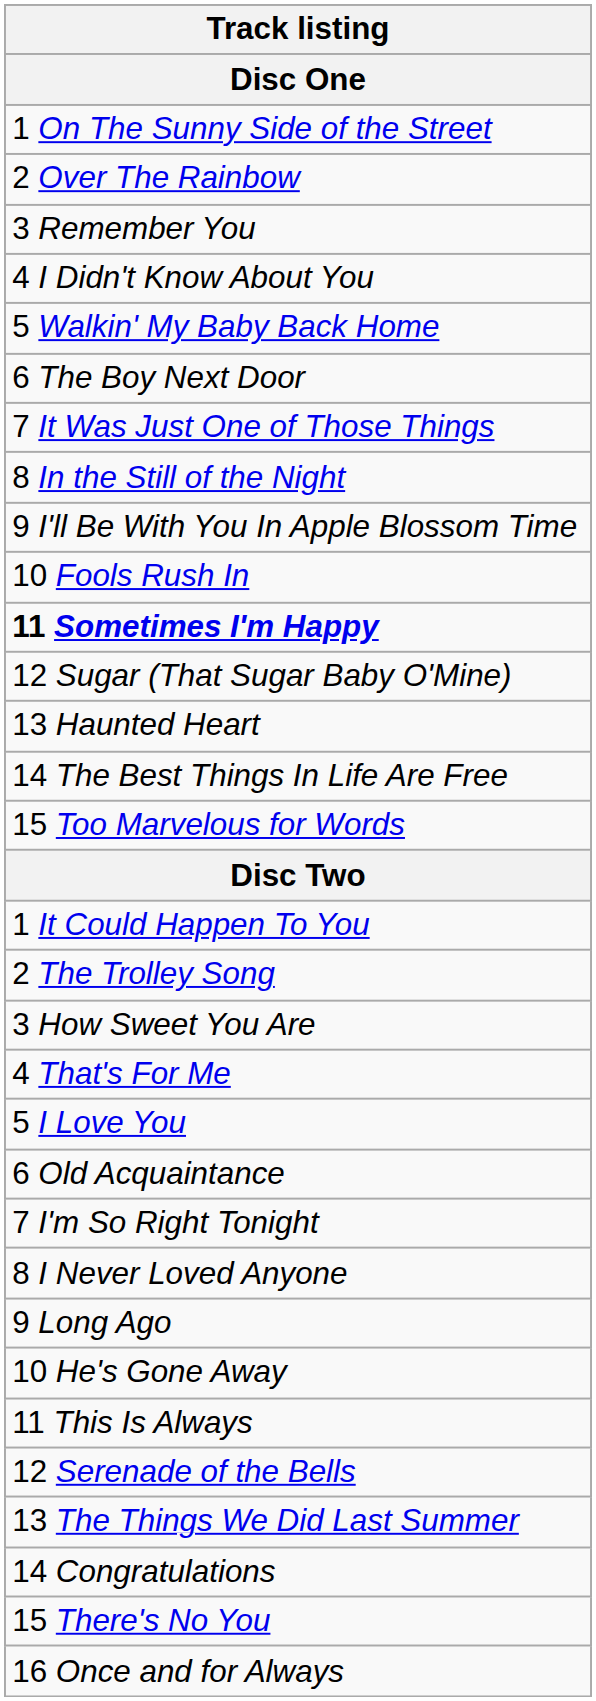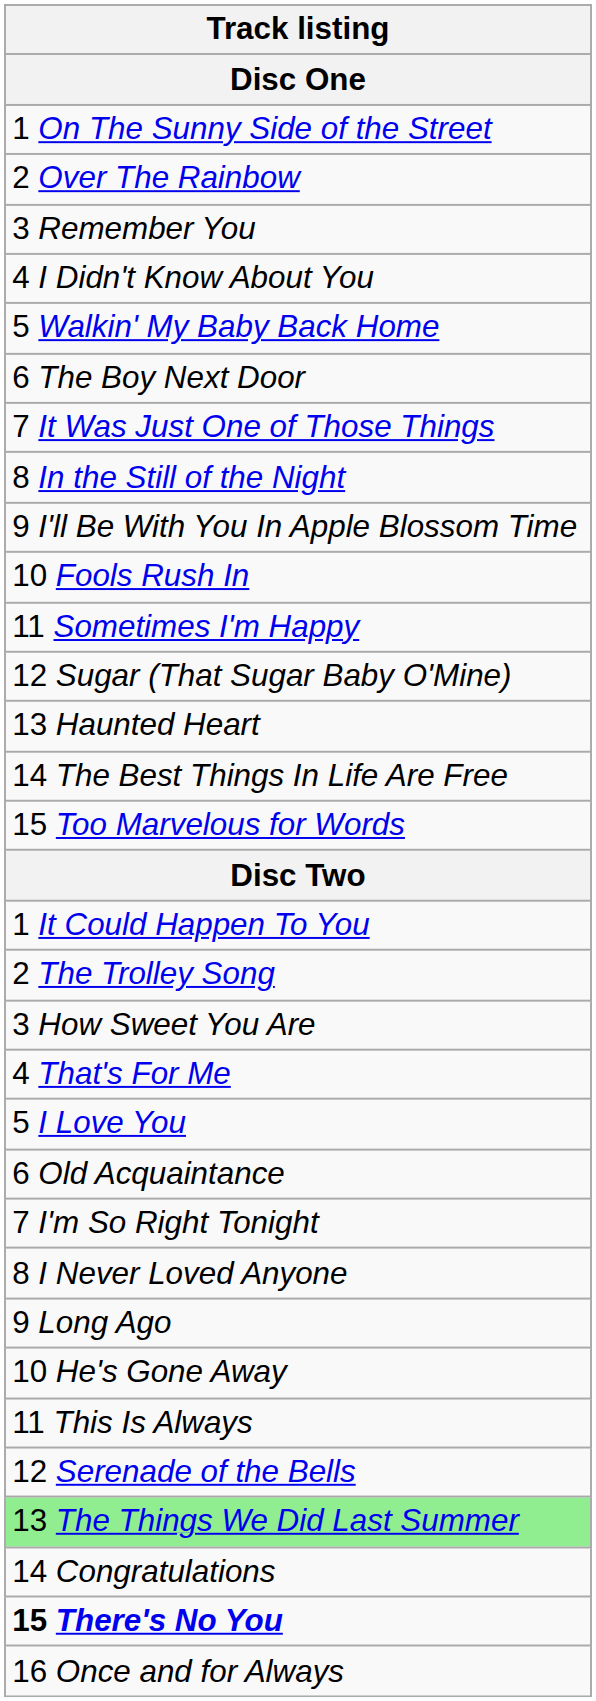 <table class="wikitable collapsible collapsed" style="width:300px;">
 <tr>
 <th>Track listing</th>
 </tr>
 <tr>
 <th>Disc One</th>
 </tr>
 <tr>
 <td>1 <em><a href='#'>On The Sunny Side of the Street</a></em></td>
 </tr>
 <tr>
 <td>2 <em><a href='#'>Over The Rainbow</a></em></td>
 </tr>
 <tr>
 <td>3 <em>Remember You</em></td>
 </tr>
 <tr>
 <td>4 <em>I Didn't Know About You</em></td>
 </tr>
 <tr>
 <td>5 <em><a href='#'>Walkin' My Baby Back Home</a></em></td>
 </tr>
 <tr>
 <td>6 <em>The Boy Next Door</em></td>
 </tr>
 <tr>
 <td>7 <em><a href='#'>It Was Just One of Those Things</a></em></td>
 </tr>
 <tr>
 <td>8 <em><a href='#'>In the Still of the Night</a></em></td>
 </tr>
 <tr>
 <td>9 <em>I'll Be With You In Apple Blossom Time</em></td>
 </tr>
 <tr>
 <td>10 <em><a href='#'>Fools Rush In</a></em></td>
 </tr>
 <tr>
-<td><strong>11 <em><a href='#'>Sometimes I'm Happy</a></em></strong></td>
+<td>11 <em><a href='#'>Sometimes I'm Happy</a></em></td>
 </tr>
 <tr>
 <td>12 <em>Sugar (That Sugar Baby O'Mine)</em></td>
 </tr>
 <tr>
 <td>13 <em>Haunted Heart</em></td>
 </tr>
 <tr>
 <td>14 <em>The Best Things In Life Are Free</em></td>
 </tr>
 <tr>
 <td>15 <em><a href='#'>Too Marvelous for Words</a></em></td>
 </tr>
 <tr>
 <th>Disc Two</th>
 </tr>
 <tr>
 <td>1 <em><a href='#'>It Could Happen To You</a></em></td>
 </tr>
 <tr>
 <td>2 <em><a href='#'>The Trolley Song</a></em></td>
 </tr>
 <tr>
 <td>3 <em>How Sweet You Are</em></td>
 </tr>
 <tr>
 <td>4 <em><a href='#'>That's For Me</a></em></td>
 </tr>
 <tr>
 <td>5 <em><a href='#'>I Love You</a></em></td>
 </tr>
 <tr>
 <td>6 <em>Old Acquaintance</em></td>
 </tr>
 <tr>
 <td>7 <em>I'm So Right Tonight</em></td>
 </tr>
 <tr>
 <td>8 <em>I Never Loved Anyone</em></td>
 </tr>
 <tr>
 <td>9 <em>Long Ago</em></td>
 </tr>
 <tr>
 <td>10 <em>He's Gone Away</em></td>
 </tr>
 <tr>
 <td>11 <em>This Is Always</em></td>
 </tr>
 <tr>
 <td>12 <em><a href='#'>Serenade of the Bells</a></em></td>
 </tr>
 <tr>
-<td>13 <em><a href='#'>The Things We Did Last Summer</a></em></td>
+<td style="background: lightgreen;">13 <em><a href='#'>The Things We Did Last Summer</a></em></td>
 </tr>
 <tr>
 <td>14 <em>Congratulations</em></td>
 </tr>
 <tr>
-<td>15 <em><a href='#'>There's No You</a></em></td>
+<td><strong>15 <em><a href='#'>There's No You</a></em></strong></td>
 </tr>
 <tr>
 <td>16 <em>Once and for Always</em></td>
 </tr>
 </table>
